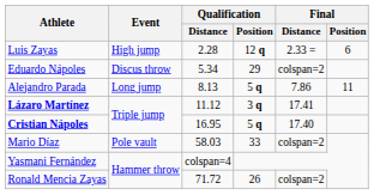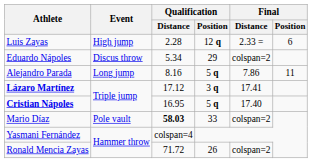 <table class=wikitable style=font-size:90%>
 <tr>
 <th rowspan=2>Athlete</th>
 <th rowspan=2>Event</th>
 <th colspan=2>Qualification</th>
 <th colspan=2>Final</th>
 </tr>
 <tr style=font-size:95%>
 <th>Distance</th>
 <th>Position</th>
 <th>Distance</th>
 <th>Position</th>
 </tr>
 <tr align=center>
 <td align=left><a href='#'>Luis Zayas</a></td>
 <td align=left><a href='#'>High jump</a></td>
 <td>2.28</td>
 <td>12 <strong>q</strong></td>
 <td>2.33 =</td>
 <td>6</td>
 </tr>
 <tr align=center>
 <td align=left><a href='#'>Eduardo Nápoles</a></td>
 <td align=left><a href='#'>Discus throw</a></td>
 <td>5.34</td>
 <td>29</td>
 <td>colspan=2 </td>
 </tr>
 <tr align=center>
 <td align=left><a href='#'>Alejandro Parada</a></td>
 <td align=left><a href='#'>Long jump</a></td>
-<td>8.13</td>
+<td>8.16</td>
 <td>5 <strong>q</strong></td>
 <td>7.86</td>
 <td>11</td>
 </tr>
 <tr align=center>
 <td align=left><strong><a href='#'>Lázaro Martínez</a></strong></td>
 <td align=left rowspan=2><a href='#'>Triple jump</a></td>
-<td>11.12</td>
+<td>17.12</td>
 <td>3 <strong>q</strong></td>
 <td>17.41</td>
 <td></td>
 </tr>
 <tr align=center>
 <td align=left><strong><a href='#'>Cristian Nápoles</a></strong></td>
 <td>16.95</td>
 <td>5 <strong>q</strong></td>
 <td>17.40 </td>
 <td></td>
 </tr>
 <tr align=center>
 <td align=left><a href='#'>Mario Díaz</a></td>
 <td align=left><a href='#'>Pole vault</a></td>
-<td>58.03</td>
+<td><strong>58.03</strong></td>
 <td>33</td>
 <td>colspan=2 </td>
 </tr>
 <tr align=center>
 <td align=left><a href='#'>Yasmani Fernández</a></td>
 <td align=left rowspan=2><a href='#'>Hammer throw</a></td>
 <td>colspan=4 </td>
 </tr>
 <tr align=center>
 <td align=left><a href='#'>Ronald Mencia Zayas</a></td>
 <td>71.72</td>
 <td>26</td>
 <td>colspan=2 </td>
 </tr>
 </table>
